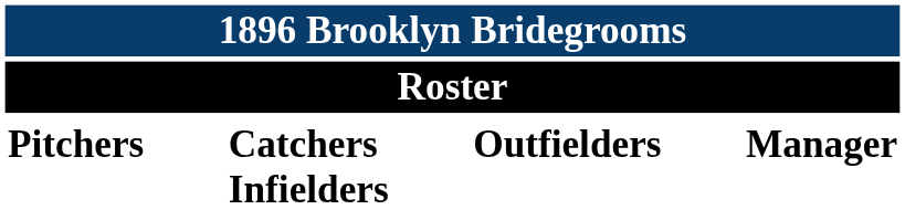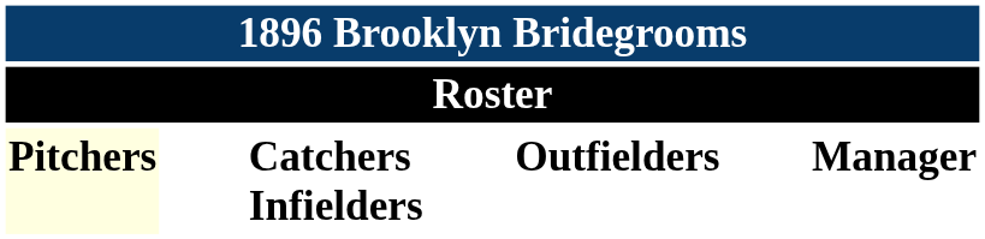 <table class="toccolours" style="font-size: 95%;">
 <tr>
 <th colspan="10" style="background-color: #083c6b; color: white; text-align: center;">1896 Brooklyn Bridegrooms</th>
 </tr>
 <tr>
 <td colspan="10" style="background-color: black; color: white; text-align: center;"><strong>Roster</strong></td>
 </tr>
 <tr>
-<td valign="top"><strong>Pitchers</strong><br>      </td>
+<td valign="top" style="background: lightyellow;"><strong>Pitchers</strong><br>      </td>
 <td width="25px"></td>
 <td valign="top"><strong>Catchers</strong><br>  <strong>Infielders</strong>      </td>
 <td width="25px"></td>
 <td valign="top"><strong>Outfielders</strong><br>    </td>
 <td width="25px"></td>
 <td valign="top"><strong>Manager</strong><br></td>
 </tr>
 </table>
